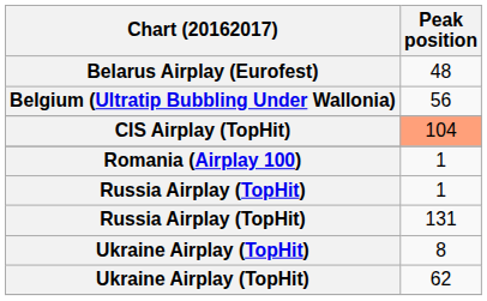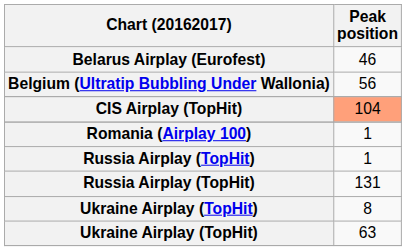 <table class="wikitable sortable plainrowheaders" style="text-align:center">
 <tr>
 <th scope="col">Chart (20162017)</th>
 <th scope="col">Peak<br>position</th>
 </tr>
 <tr>
 <th scope="row">Belarus Airplay (Eurofest)</th>
-<td>48</td>
+<td>46</td>
 </tr>
 <tr>
 <th scope="row">Belgium (<a href='#'>Ultratip Bubbling Under</a> Wallonia)</th>
 <td>56</td>
 </tr>
 <tr>
 </tr>
 <tr>
 <th scope="row">CIS Airplay (TopHit)<br></th>
 <td style="background: lightsalmon;">104</td>
 </tr>
 <tr>
 </tr>
 <tr>
 </tr>
 <tr>
 <th scope="row">Romania (<a href='#'>Airplay 100</a>)</th>
 <td>1</td>
 </tr>
 <tr>
 <th scope="row">Russia Airplay (<a href='#'>TopHit</a>)</th>
 <td>1</td>
 </tr>
 <tr>
 <th scope="row">Russia Airplay (TopHit)<br></th>
 <td>131</td>
 </tr>
 <tr>
 <th scope="row">Ukraine Airplay (<a href='#'>TopHit</a>)</th>
 <td>8</td>
 </tr>
 <tr>
 <th scope="row">Ukraine Airplay (TopHit)<br></th>
-<td>62</td>
+<td>63</td>
 </tr>
 <tr>
 </tr>
 </table>
